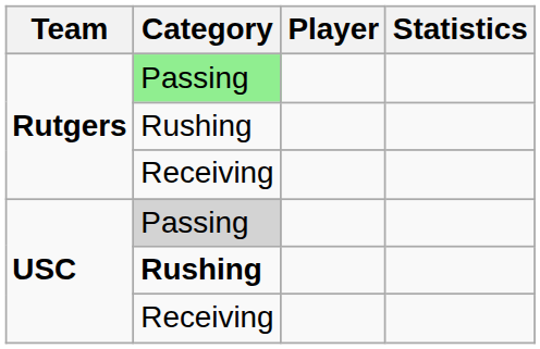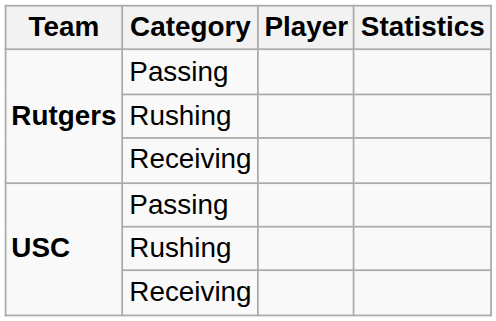 <table class="wikitable" style="float: right;">
 <tr>
 <th>Team</th>
 <th>Category</th>
 <th>Player</th>
 <th>Statistics</th>
 </tr>
 <tr>
 <td rowspan=3><strong>Rutgers</strong></td>
-<td style="background: lightgreen;">Passing</td>
+<td>Passing</td>
 <td></td>
 <td></td>
 </tr>
 <tr>
 <td>Rushing</td>
 <td></td>
 <td></td>
 </tr>
 <tr>
 <td>Receiving</td>
 <td></td>
 <td></td>
 </tr>
 <tr>
 <td rowspan=3><strong>USC</strong></td>
-<td style="background: lightgrey;">Passing</td>
+<td>Passing</td>
 <td></td>
 <td></td>
 </tr>
 <tr>
-<td><strong>Rushing</strong></td>
+<td>Rushing</td>
 <td></td>
 <td></td>
 </tr>
 <tr>
 <td>Receiving</td>
 <td></td>
 <td></td>
 </tr>
 </table>
